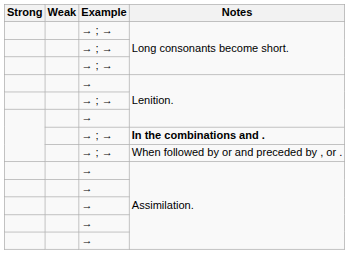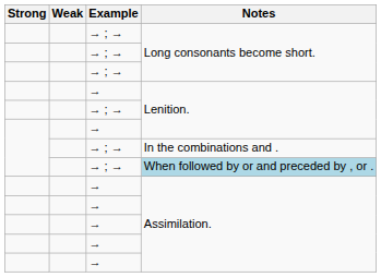 <table class="wikitable">
 <tr>
 <th>Strong</th>
 <th>Weak</th>
 <th>Example</th>
 <th>Notes</th>
 </tr>
 <tr>
 <td></td>
 <td></td>
 <td> → ;  → </td>
 <td rowspan="3">Long consonants become short.</td>
 </tr>
 <tr>
 <td></td>
 <td></td>
 <td> → ;  → </td>
 </tr>
 <tr>
 <td></td>
 <td></td>
 <td> → ;  → </td>
 </tr>
 <tr>
 <td></td>
 <td></td>
 <td> → </td>
 <td rowspan="3">Lenition.</td>
 </tr>
 <tr>
 <td></td>
 <td></td>
 <td> → ;  → </td>
 </tr>
 <tr>
 <td rowspan="3"></td>
 <td></td>
 <td> → </td>
 </tr>
 <tr>
 <td></td>
 <td> → ;  → </td>
-<td><strong>In the combinations  and .</strong></td>
+<td>In the combinations  and .</td>
 </tr>
 <tr>
 <td></td>
 <td> → ;  → </td>
-<td>When followed by  or  and preceded by ,  or .</td>
+<td style="background: lightblue;">When followed by  or  and preceded by ,  or .</td>
 </tr>
 <tr>
 <td></td>
 <td></td>
 <td> → </td>
 <td rowspan="5">Assimilation.</td>
 </tr>
 <tr>
 <td></td>
 <td></td>
 <td> → </td>
 </tr>
 <tr>
 <td></td>
 <td></td>
 <td> → </td>
 </tr>
 <tr>
 <td></td>
 <td></td>
 <td> → </td>
 </tr>
 <tr>
 <td> </td>
 <td> </td>
 <td> → </td>
 </tr>
 </table>
